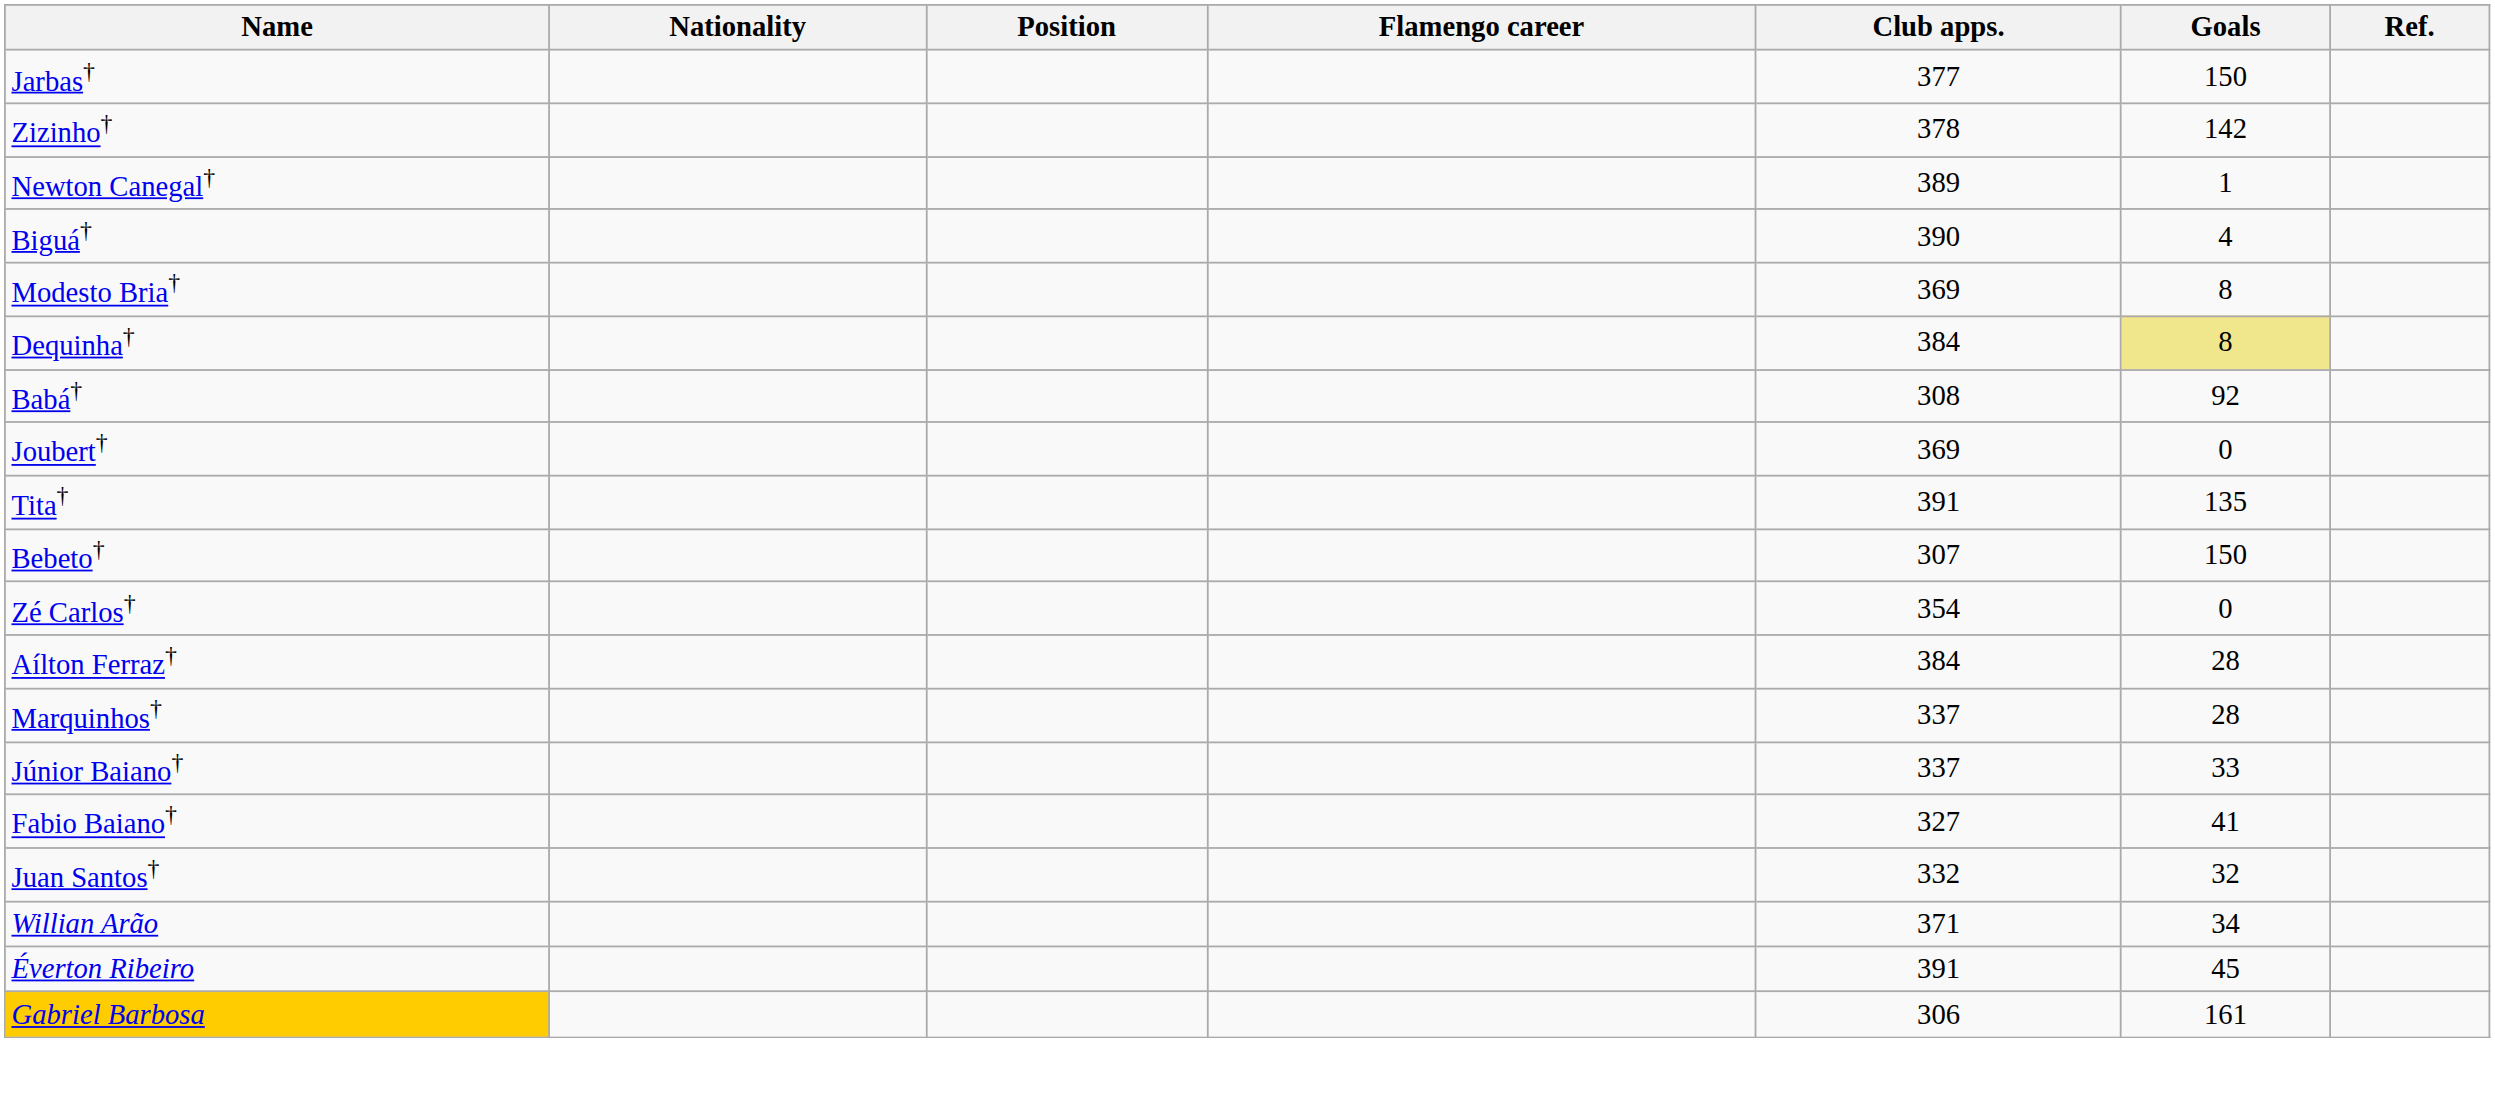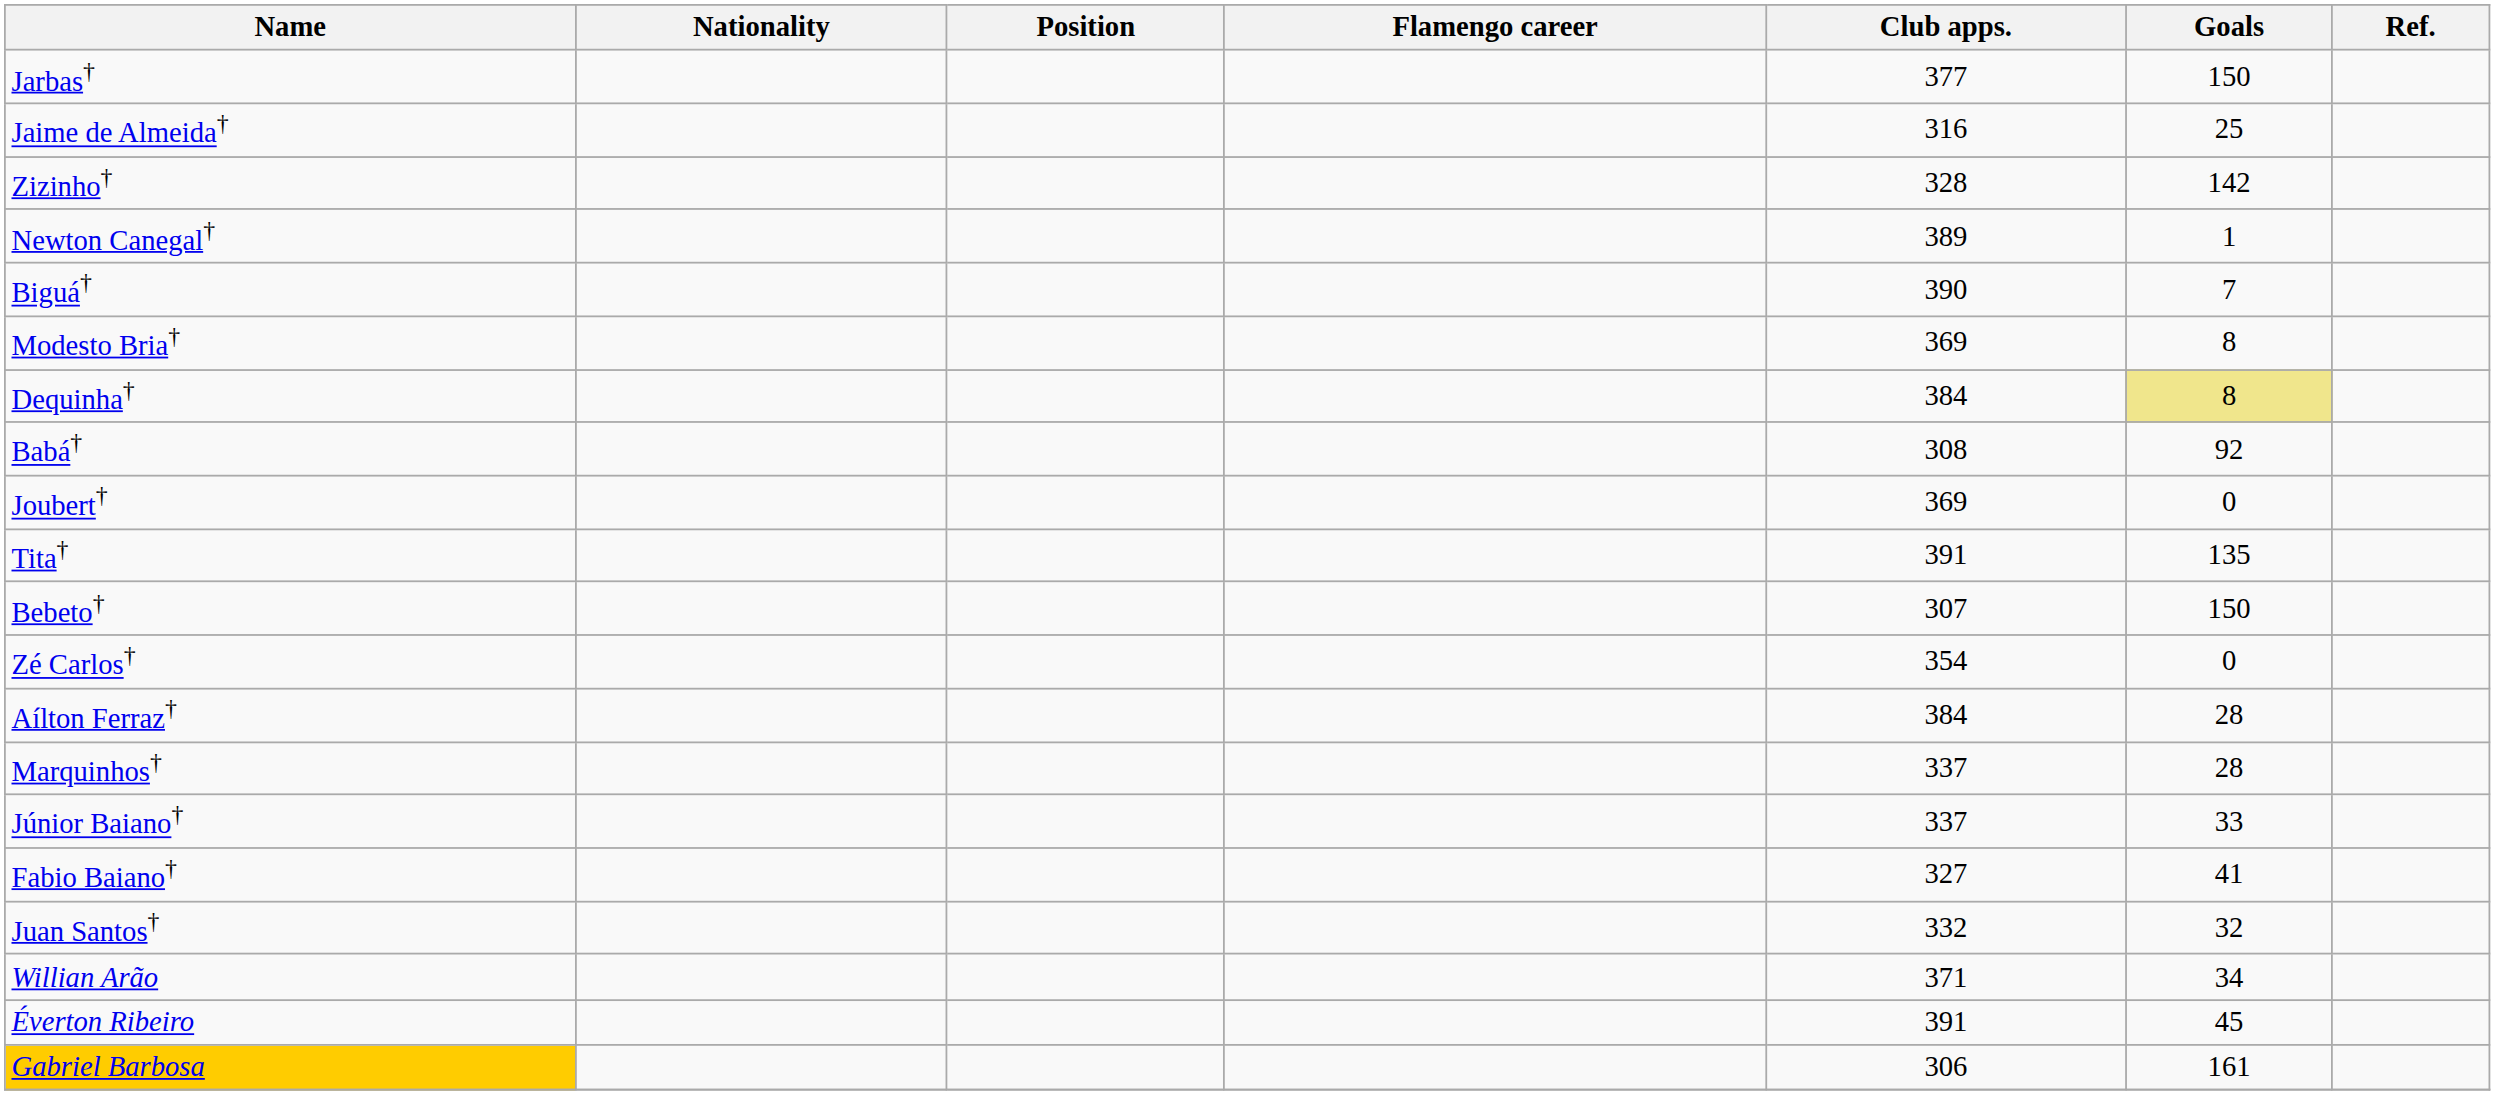 <table width=70% class="wikitable sortable" style="text-align:center;">
 <tr>
 <th>Name</th>
 <th>Nationality</th>
 <th>Position</th>
 <th>Flamengo career</th>
 <th>Club apps.</th>
 <th>Goals</th>
 <th class="unsortable">Ref.</th>
 </tr>
 <tr>
 <td scope="row" align="left"><a href='#'>Jarbas</a><sup>†</sup></td>
 <td align="left"></td>
 <td></td>
 <td></td>
 <td>377</td>
 <td>150</td>
 <td></td>
 </tr>
 <tr>
+<td scope="row" align="left"><a href='#'>Jaime de Almeida</a><sup>†</sup></td>
+<td align="left"></td>
+<td></td>
+<td></td>
+<td>316</td>
+<td>25</td>
+<td></td>
+</tr>
+<tr>
 <td scope="row" align="left"><a href='#'>Zizinho</a><sup>†</sup></td>
 <td align="left"></td>
 <td></td>
 <td></td>
-<td>378</td>
+<td>328</td>
 <td>142</td>
 <td></td>
 </tr>
 <tr>
 <td scope="row" align="left"><a href='#'>Newton Canegal</a><sup>†</sup></td>
 <td align="left"></td>
 <td></td>
 <td></td>
 <td>389</td>
 <td>1</td>
 <td></td>
 </tr>
 <tr>
 <td scope="row" align="left"><a href='#'>Biguá</a><sup>†</sup></td>
 <td align="left"></td>
 <td></td>
 <td></td>
 <td>390</td>
-<td>4</td>
+<td>7</td>
 <td></td>
 </tr>
 <tr>
 <td scope="row" align="left"><a href='#'>Modesto Bria</a><sup>†</sup></td>
 <td align="left"></td>
 <td></td>
 <td></td>
 <td>369</td>
 <td>8</td>
 <td></td>
 </tr>
 <tr>
 <td scope="row" align="left"><a href='#'>Dequinha</a><sup>†</sup></td>
 <td align="left"></td>
 <td></td>
 <td></td>
 <td>384</td>
 <td style="background: khaki;">8</td>
 <td></td>
 </tr>
 <tr>
 <td scope="row" align="left"><a href='#'>Babá</a><sup>†</sup></td>
 <td align="left"></td>
 <td></td>
 <td></td>
 <td>308</td>
 <td>92</td>
 <td></td>
 </tr>
 <tr>
 <td scope="row" align="left"><a href='#'>Joubert</a><sup>†</sup></td>
 <td align="left"></td>
 <td></td>
 <td></td>
 <td>369</td>
 <td>0</td>
 <td></td>
 </tr>
 <tr>
 <td scope="row" align="left"><a href='#'>Tita</a><sup>†</sup></td>
 <td align="left"></td>
 <td></td>
 <td></td>
 <td>391</td>
 <td>135</td>
 <td></td>
 </tr>
 <tr>
 <td scope="row" align="left"><a href='#'>Bebeto</a><sup>†</sup></td>
 <td align="left"></td>
 <td></td>
 <td></td>
 <td>307</td>
 <td>150</td>
 <td></td>
 </tr>
 <tr>
 <td scope="row" align="left"><a href='#'>Zé Carlos</a><sup>†</sup></td>
 <td align="left"></td>
 <td></td>
 <td></td>
 <td>354</td>
 <td>0</td>
 <td></td>
 </tr>
 <tr>
 <td scope="row" align="left"><a href='#'>Aílton Ferraz</a><sup>†</sup></td>
 <td align="left"></td>
 <td></td>
 <td></td>
 <td>384</td>
 <td>28</td>
 <td></td>
 </tr>
 <tr>
 <td scope="row" align="left"><a href='#'>Marquinhos</a><sup>†</sup></td>
 <td align="left"></td>
 <td></td>
 <td></td>
 <td>337</td>
 <td>28</td>
 <td></td>
 </tr>
 <tr>
 <td scope="row" align="left"><a href='#'>Júnior Baiano</a><sup>†</sup></td>
 <td align="left"></td>
 <td></td>
 <td></td>
 <td>337</td>
 <td>33</td>
 <td></td>
 </tr>
 <tr>
 <td scope="row" align="left"><a href='#'>Fabio Baiano</a><sup>†</sup></td>
 <td align="left"></td>
 <td></td>
 <td></td>
 <td>327</td>
 <td>41</td>
 <td></td>
 </tr>
 <tr>
 <td scope="row" align="left"><a href='#'>Juan Santos</a><sup>†</sup></td>
 <td align="left"></td>
 <td></td>
 <td></td>
 <td>332</td>
 <td>32</td>
 <td></td>
 </tr>
 <tr>
 <td scope="row" align="left"><em><a href='#'>Willian Arão</a></em></td>
 <td align="left"></td>
 <td></td>
 <td></td>
 <td>371</td>
 <td>34</td>
 <td></td>
 </tr>
 <tr>
 <td scope="row" align="left"><em><a href='#'>Éverton Ribeiro</a></em></td>
 <td align="left"></td>
 <td></td>
 <td></td>
 <td>391</td>
 <td>45</td>
 <td></td>
 </tr>
 <tr>
 <td scope="row" align="left" style="background-color:#FFCC00"><em><a href='#'>Gabriel Barbosa</a></em></td>
 <td align="left"></td>
 <td></td>
 <td></td>
 <td>306</td>
 <td>161</td>
 <td></td>
 </tr>
 <tr>
 </tr>
 </table>
